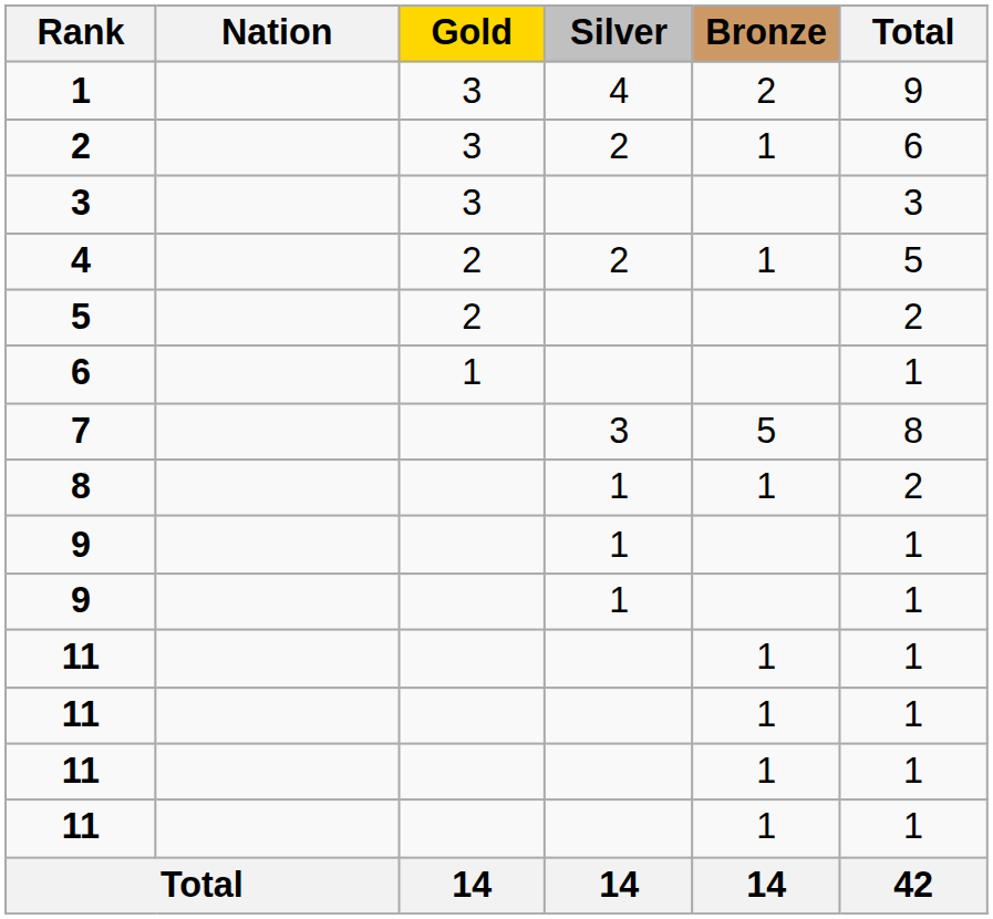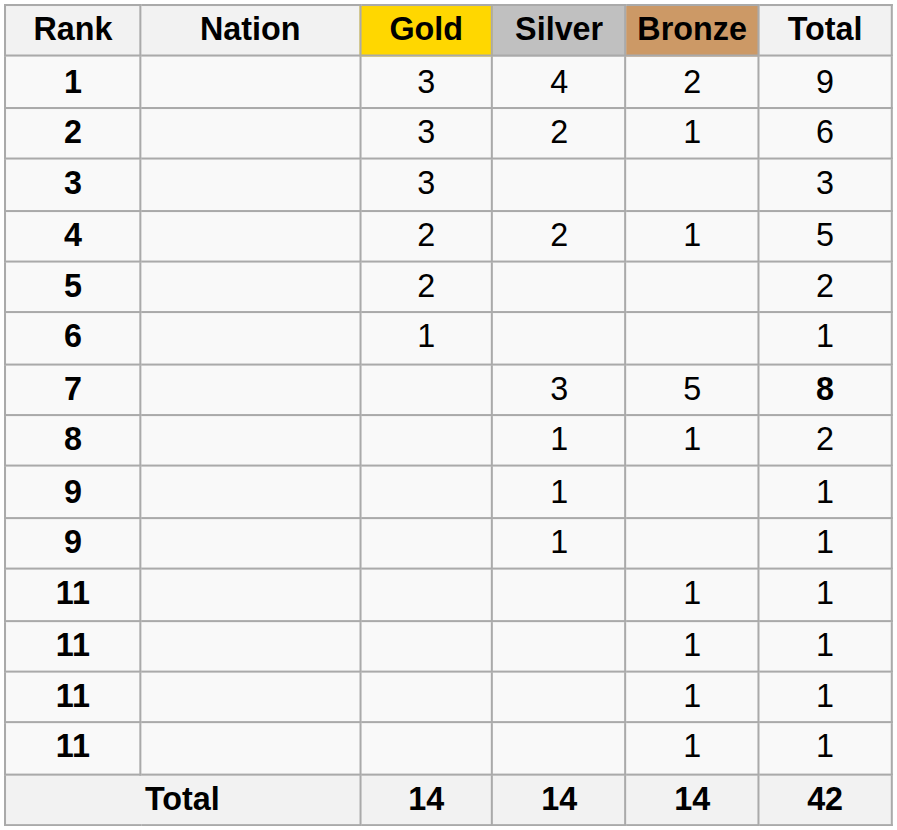 <table class="wikitable collapsible autocollapse plainrowheaders" width=70.5% style="text-align:center;">
 <tr style="background-color:#EDEDED;">
 <th width=100px class="hintergrundfarbe5">Rank</th>
 <th width=200px class="hintergrundfarbe6">Nation</th>
 <th style="background:    gold; width:15%">Gold</th>
 <th style="background:  silver; width:15%">Silver</th>
 <th style="background: #CC9966; width:15%">Bronze</th>
 <th class="hintergrundfarbe6" style="width:15%">Total</th>
 </tr>
 <tr>
 <td><strong>1</strong></td>
 <td align=left></td>
 <td>3</td>
 <td>4</td>
 <td>2</td>
 <td>9</td>
 </tr>
 <tr>
 <td><strong>2</strong></td>
 <td align=left></td>
 <td>3</td>
 <td>2</td>
 <td>1</td>
 <td>6</td>
 </tr>
 <tr>
 <td><strong>3</strong></td>
 <td align=left></td>
 <td>3</td>
 <td></td>
 <td></td>
 <td>3</td>
 </tr>
 <tr>
 <td><strong>4</strong></td>
 <td align=left></td>
 <td>2</td>
 <td>2</td>
 <td>1</td>
 <td>5</td>
 </tr>
 <tr>
 <td><strong>5</strong></td>
 <td align=left></td>
 <td>2</td>
 <td></td>
 <td></td>
 <td>2</td>
 </tr>
 <tr>
 <td><strong>6</strong></td>
 <td align=left></td>
 <td>1</td>
 <td></td>
 <td></td>
 <td>1</td>
 </tr>
 <tr>
 <td><strong>7</strong></td>
 <td align=left></td>
 <td></td>
 <td>3</td>
 <td>5</td>
-<td>8</td>
+<td><strong>8</strong></td>
 </tr>
 <tr>
 <td><strong>8</strong></td>
 <td align=left></td>
 <td></td>
 <td>1</td>
 <td>1</td>
 <td>2</td>
 </tr>
 <tr>
 <td><strong>9</strong></td>
 <td align=left></td>
 <td></td>
 <td>1</td>
 <td></td>
 <td>1</td>
 </tr>
 <tr>
 <td><strong>9</strong></td>
 <td align=left></td>
 <td></td>
 <td>1</td>
 <td></td>
 <td>1</td>
 </tr>
 <tr>
 <td><strong>11</strong></td>
 <td align=left></td>
 <td></td>
 <td></td>
 <td>1</td>
 <td>1</td>
 </tr>
 <tr>
 <td><strong>11</strong></td>
 <td align=left></td>
 <td></td>
 <td></td>
 <td>1</td>
 <td>1</td>
 </tr>
 <tr>
 <td><strong>11</strong></td>
 <td align=left></td>
 <td></td>
 <td></td>
 <td>1</td>
 <td>1</td>
 </tr>
 <tr>
 <td><strong>11</strong></td>
 <td align=left></td>
 <td></td>
 <td></td>
 <td>1</td>
 <td>1</td>
 </tr>
 <tr>
 <th colspan=2>Total</th>
 <th>14</th>
 <th>14</th>
 <th>14</th>
 <th>42</th>
 </tr>
 </table>
